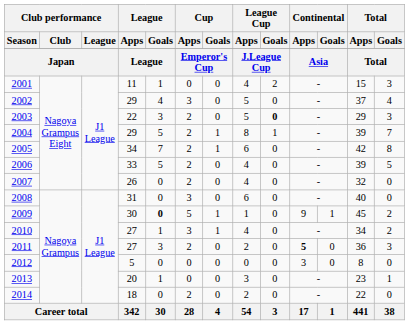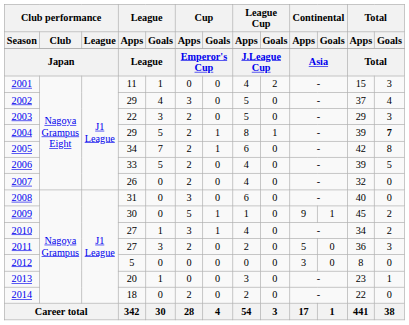 <table class="wikitable" style="text-align:center">
 <tr>
 <th colspan=3>Club performance</th>
 <th colspan=2>League</th>
 <th colspan=2>Cup</th>
 <th colspan=2>League Cup</th>
 <th colspan=2>Continental</th>
 <th colspan=2>Total</th>
 </tr>
 <tr>
 <th>Season</th>
 <th>Club</th>
 <th>League</th>
 <th>Apps</th>
 <th>Goals</th>
 <th>Apps</th>
 <th>Goals</th>
 <th>Apps</th>
 <th>Goals</th>
 <th>Apps</th>
 <th>Goals</th>
 <th>Apps</th>
 <th>Goals</th>
 </tr>
 <tr>
 </tr>
 <tr>
 <th colspan=3>Japan</th>
 <th colspan=2>League</th>
 <th colspan=2><a href='#'>Emperor's Cup</a></th>
 <th colspan=2><a href='#'>J.League Cup</a></th>
 <th colspan=2><a href='#'>Asia</a></th>
 <th colspan=2>Total</th>
 </tr>
 <tr>
 <td><a href='#'>2001</a></td>
 <td rowspan="7"><a href='#'>Nagoya Grampus Eight</a></td>
 <td rowspan="7"><a href='#'>J1 League</a></td>
 <td>11</td>
 <td>1</td>
 <td>0</td>
 <td>0</td>
 <td>4</td>
 <td>2</td>
 <td colspan="2">-</td>
 <td>15</td>
 <td>3</td>
 </tr>
 <tr>
 <td><a href='#'>2002</a></td>
 <td>29</td>
 <td>4</td>
 <td>3</td>
 <td>0</td>
 <td>5</td>
 <td>0</td>
 <td colspan="2">-</td>
 <td>37</td>
 <td>4</td>
 </tr>
 <tr>
 <td><a href='#'>2003</a></td>
 <td>22</td>
 <td>3</td>
 <td>2</td>
 <td>0</td>
 <td>5</td>
-<td><strong>0</strong></td>
+<td>0</td>
 <td colspan="2">-</td>
 <td>29</td>
 <td>3</td>
 </tr>
 <tr>
 <td><a href='#'>2004</a></td>
 <td>29</td>
 <td>5</td>
 <td>2</td>
 <td>1</td>
 <td>8</td>
 <td>1</td>
 <td colspan="2">-</td>
 <td>39</td>
-<td>7</td>
+<td><strong>7</strong></td>
 </tr>
 <tr>
 <td><a href='#'>2005</a></td>
 <td>34</td>
 <td>7</td>
 <td>2</td>
 <td>1</td>
 <td>6</td>
 <td>0</td>
 <td colspan="2">-</td>
 <td>42</td>
 <td>8</td>
 </tr>
 <tr>
 <td><a href='#'>2006</a></td>
 <td>33</td>
 <td>5</td>
 <td>2</td>
 <td>0</td>
 <td>4</td>
 <td>0</td>
 <td colspan="2">-</td>
 <td>39</td>
 <td>5</td>
 </tr>
 <tr>
 <td><a href='#'>2007</a></td>
 <td>26</td>
 <td>0</td>
 <td>2</td>
 <td>0</td>
 <td>4</td>
 <td>0</td>
 <td colspan="2">-</td>
 <td>32</td>
 <td>0</td>
 </tr>
 <tr>
 <td><a href='#'>2008</a></td>
 <td rowspan="7"><a href='#'>Nagoya Grampus</a></td>
 <td rowspan="7"><a href='#'>J1 League</a></td>
 <td>31</td>
 <td>0</td>
 <td>3</td>
 <td>0</td>
 <td>6</td>
 <td>0</td>
 <td colspan="2">-</td>
 <td>40</td>
 <td>0</td>
 </tr>
 <tr>
 <td><a href='#'>2009</a></td>
 <td>30</td>
-<td><strong>0</strong></td>
+<td>0</td>
 <td>5</td>
 <td>1</td>
 <td>1</td>
 <td>0</td>
 <td>9</td>
 <td>1</td>
 <td>45</td>
 <td>2</td>
 </tr>
 <tr>
 <td><a href='#'>2010</a></td>
 <td>27</td>
 <td>1</td>
 <td>3</td>
 <td>1</td>
 <td>4</td>
 <td>0</td>
 <td colspan="2">-</td>
 <td>34</td>
 <td>2</td>
 </tr>
 <tr>
 <td><a href='#'>2011</a></td>
 <td>27</td>
 <td>3</td>
 <td>2</td>
 <td>0</td>
 <td>2</td>
 <td>0</td>
-<td><strong>5</strong></td>
+<td>5</td>
 <td>0</td>
 <td>36</td>
 <td>3</td>
 </tr>
 <tr>
 <td><a href='#'>2012</a></td>
 <td>5</td>
 <td>0</td>
 <td>0</td>
 <td>0</td>
 <td>0</td>
 <td>0</td>
 <td>3</td>
 <td>0</td>
 <td>8</td>
 <td>0</td>
 </tr>
 <tr>
 <td><a href='#'>2013</a></td>
 <td>20</td>
 <td>1</td>
 <td>0</td>
 <td>0</td>
 <td>3</td>
 <td>0</td>
 <td colspan="2">-</td>
 <td>23</td>
 <td>1</td>
 </tr>
 <tr>
 <td><a href='#'>2014</a></td>
 <td>18</td>
 <td>0</td>
 <td>2</td>
 <td>0</td>
 <td>2</td>
 <td>0</td>
 <td colspan="2">-</td>
 <td>22</td>
 <td>0</td>
 </tr>
 <tr>
 <th colspan=3>Career total</th>
 <th>342</th>
 <th>30</th>
 <th>28</th>
 <th>4</th>
 <th>54</th>
 <th>3</th>
 <th>17</th>
 <th>1</th>
 <th>441</th>
 <th>38</th>
 </tr>
 </table>
